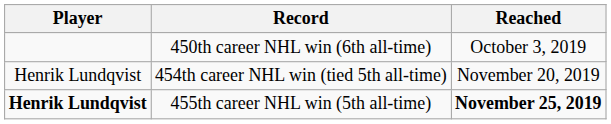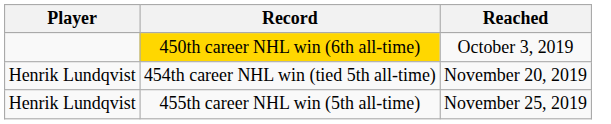 <table class="wikitable sortable" style="text-align:center;">
 <tr>
 <th>Player</th>
 <th>Record</th>
 <th>Reached</th>
 </tr>
 <tr>
 <td></td>
-<td>450th career NHL win (6th all-time)</td>
+<td style="background: gold;">450th career NHL win (6th all-time)</td>
 <td>October 3, 2019</td>
 </tr>
 <tr>
 <td>Henrik Lundqvist</td>
 <td>454th career NHL win (tied 5th all-time)</td>
 <td>November 20, 2019</td>
 </tr>
 <tr>
-<td><strong>Henrik Lundqvist</strong></td>
+<td>Henrik Lundqvist</td>
 <td>455th career NHL win (5th all-time)</td>
-<td><strong>November 25, 2019</strong></td>
+<td>November 25, 2019</td>
 </tr>
 </table>
